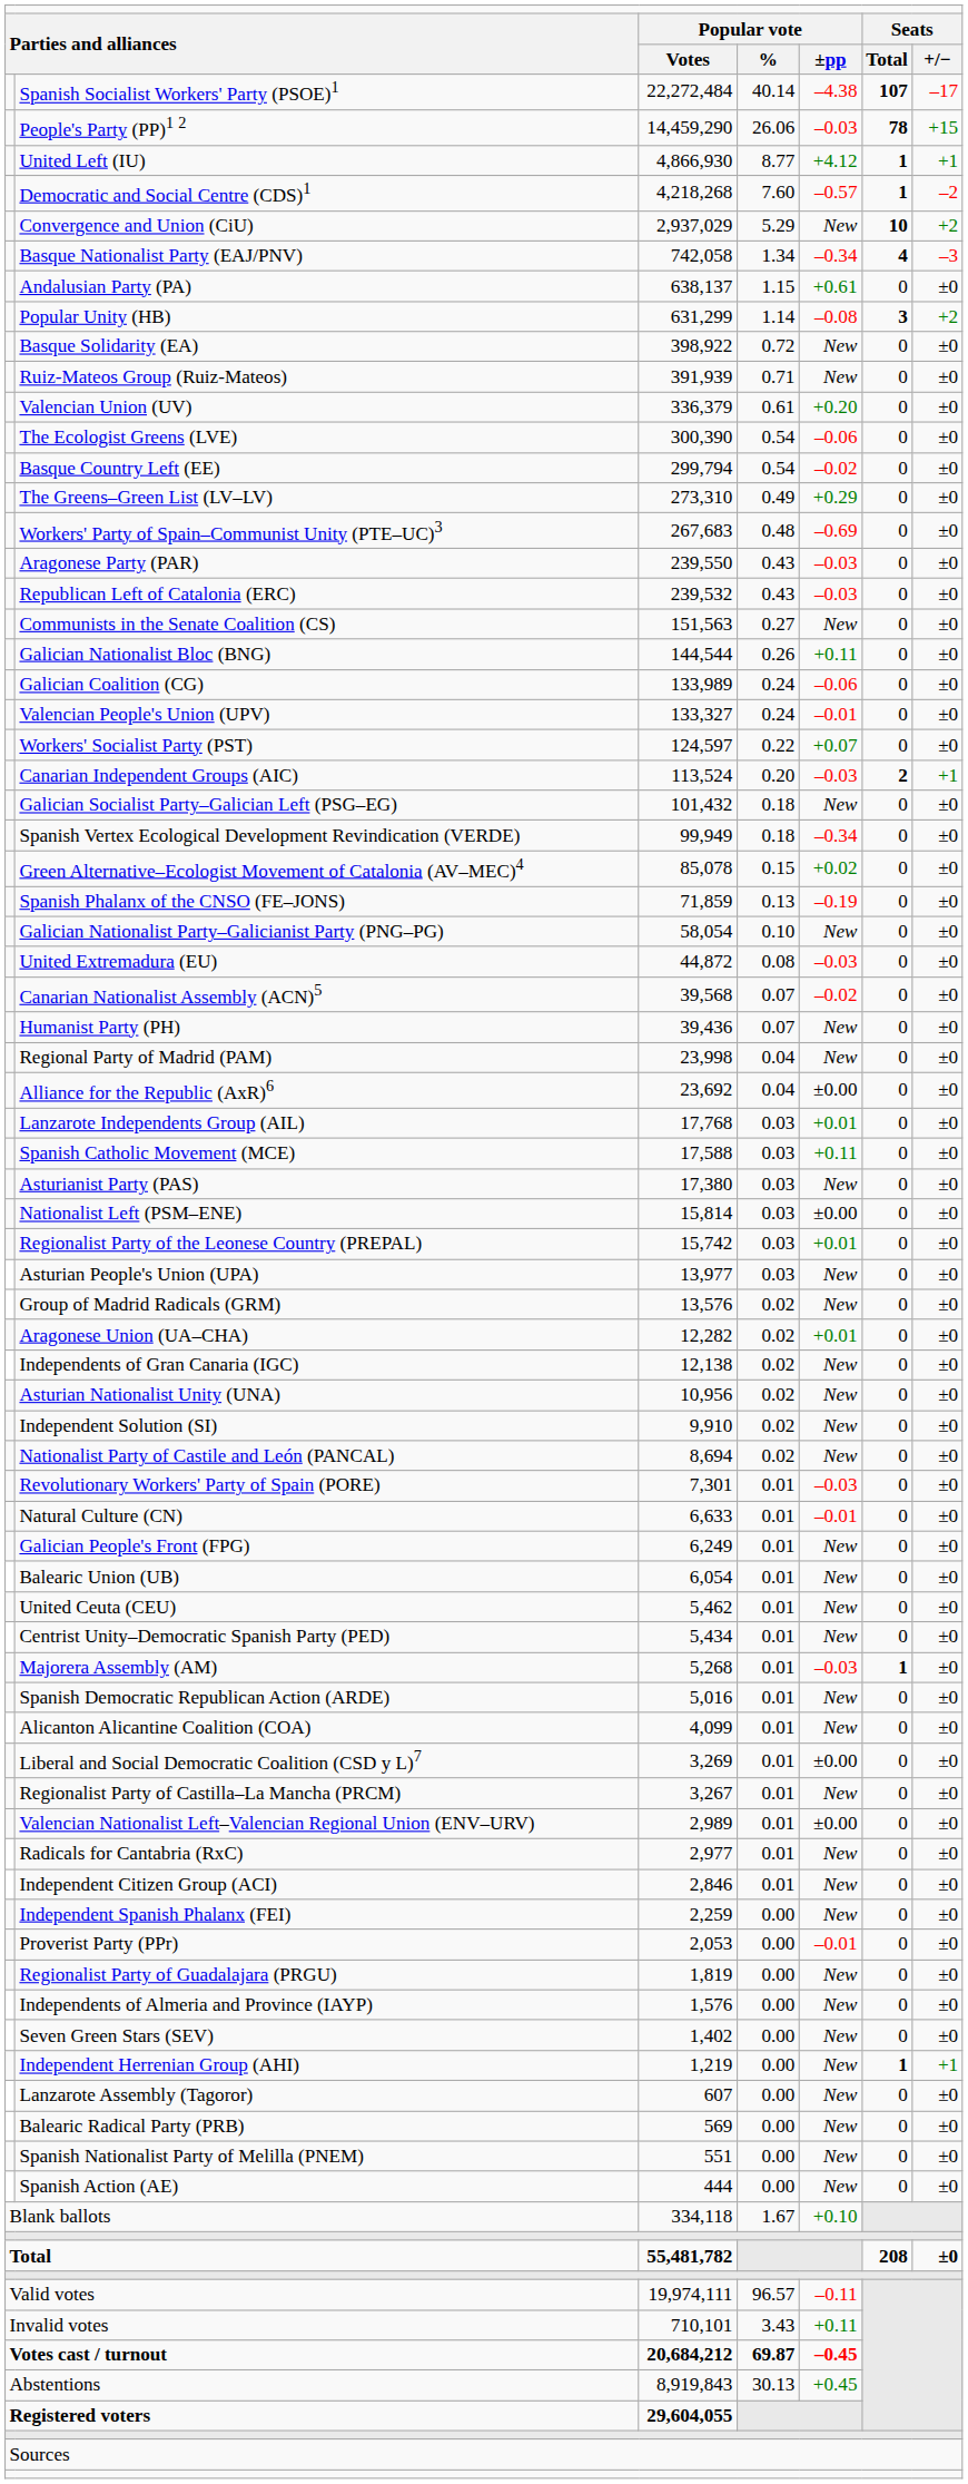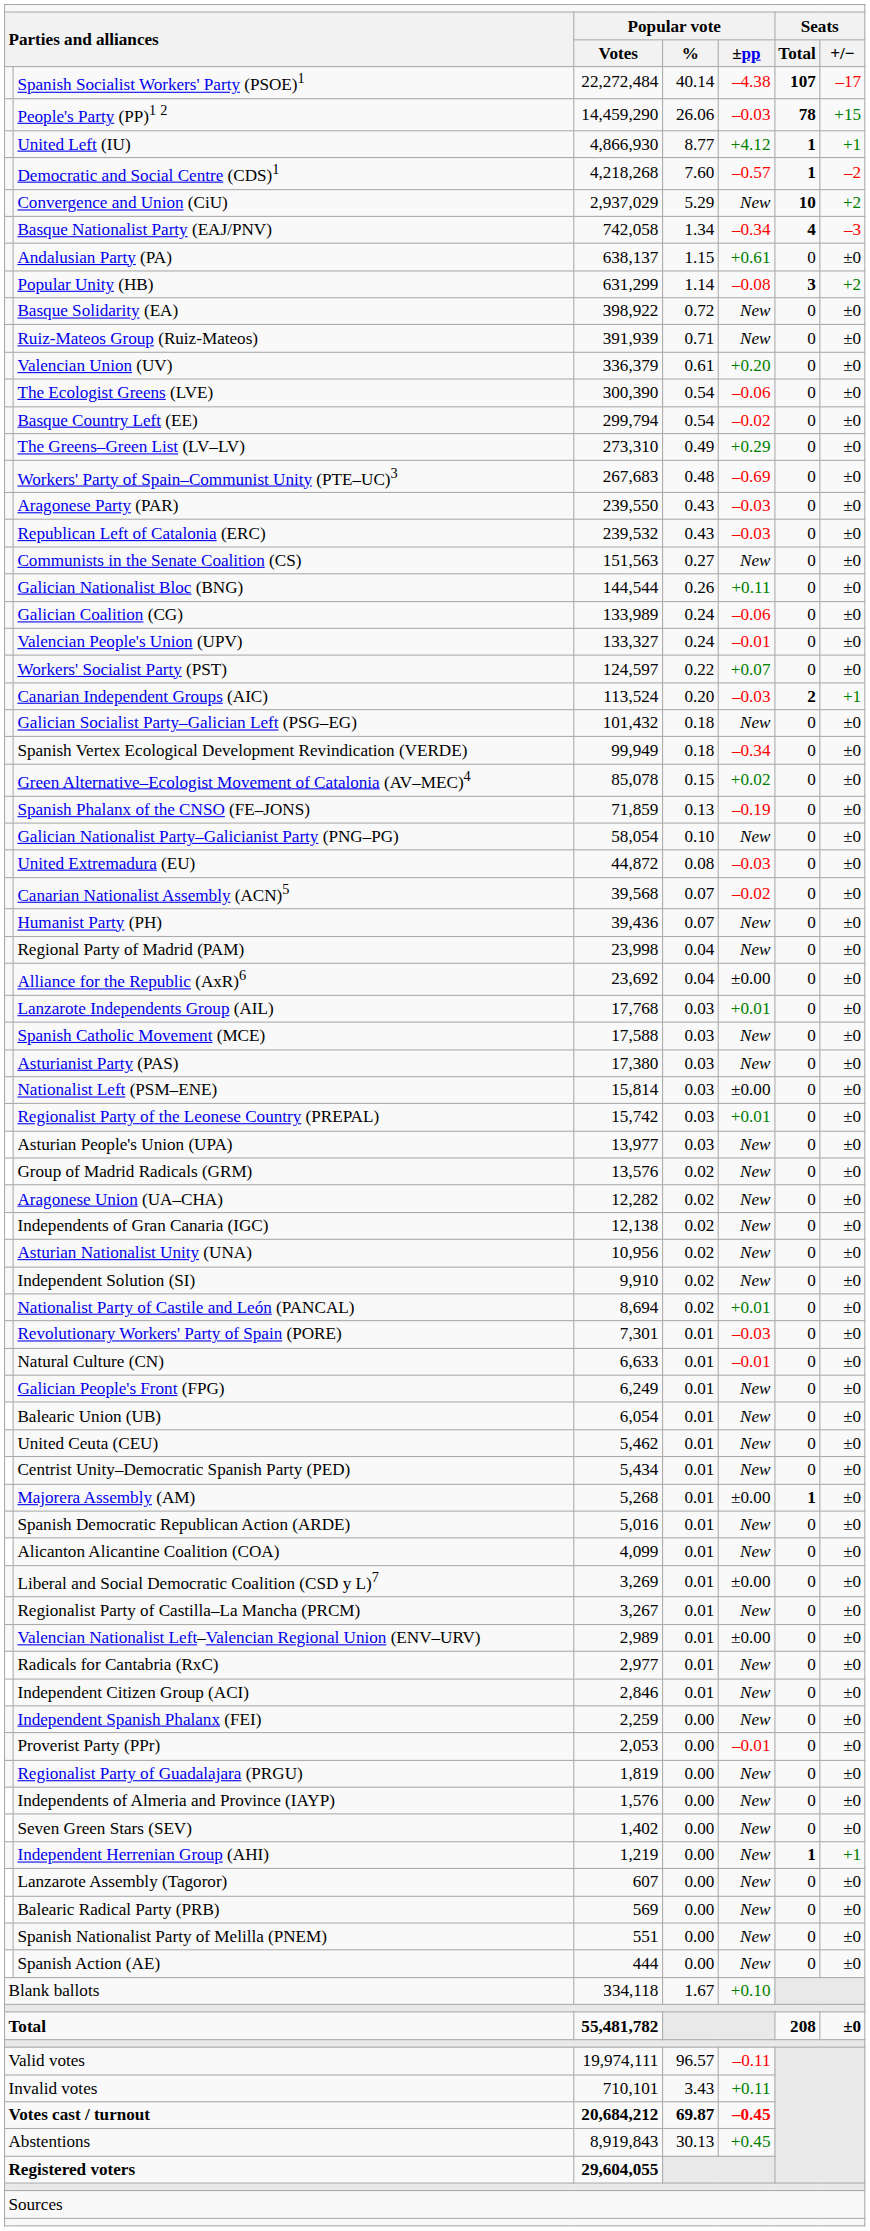 <table class="wikitable" style="text-align:right;">
 <tr>
 <td colspan="7"></td>
 </tr>
 <tr>
 <th style="text-align:left;" rowspan="2" colspan="2" width="525">Parties and alliances</th>
 <th colspan="3">Popular vote</th>
 <th colspan="2">Seats</th>
 </tr>
 <tr>
 <th width="75">Votes</th>
 <th width="45">%</th>
 <th width="45">±<a href='#'>pp</a></th>
 <th width="35">Total</th>
 <th width="35">+/−</th>
 </tr>
 <tr>
 <td width="1" style="color:inherit;background:"></td>
 <td align="left"><a href='#'>Spanish Socialist Workers' Party</a> (PSOE)<sup>1</sup></td>
 <td>22,272,484</td>
 <td>40.14</td>
 <td style="color:red;">–4.38</td>
 <td><strong>107</strong></td>
 <td style="color:red;">–17</td>
 </tr>
 <tr>
 <td style="color:inherit;background:"></td>
 <td align="left"><a href='#'>People's Party</a> (PP)<sup>1</sup> <sup>2</sup></td>
 <td>14,459,290</td>
 <td>26.06</td>
 <td style="color:red;">–0.03</td>
 <td><strong>78</strong></td>
 <td style="color:green;">+15</td>
 </tr>
 <tr>
 <td style="color:inherit;background:"></td>
 <td align="left"><a href='#'>United Left</a> (IU)</td>
 <td>4,866,930</td>
 <td>8.77</td>
 <td style="color:green;">+4.12</td>
 <td><strong>1</strong></td>
 <td style="color:green;">+1</td>
 </tr>
 <tr>
 <td style="color:inherit;background:"></td>
 <td align="left"><a href='#'>Democratic and Social Centre</a> (CDS)<sup>1</sup></td>
 <td>4,218,268</td>
 <td>7.60</td>
 <td style="color:red;">–0.57</td>
 <td><strong>1</strong></td>
 <td style="color:red;">–2</td>
 </tr>
 <tr>
 <td style="color:inherit;background:"></td>
 <td align="left"><a href='#'>Convergence and Union</a> (CiU)</td>
 <td>2,937,029</td>
 <td>5.29</td>
 <td><em>New</em></td>
 <td><strong>10</strong></td>
 <td style="color:green;">+2</td>
 </tr>
 <tr>
 <td style="color:inherit;background:"></td>
 <td align="left"><a href='#'>Basque Nationalist Party</a> (EAJ/PNV)</td>
 <td>742,058</td>
 <td>1.34</td>
 <td style="color:red;">–0.34</td>
 <td><strong>4</strong></td>
 <td style="color:red;">–3</td>
 </tr>
 <tr>
 <td style="color:inherit;background:"></td>
 <td align="left"><a href='#'>Andalusian Party</a> (PA)</td>
 <td>638,137</td>
 <td>1.15</td>
 <td style="color:green;">+0.61</td>
 <td>0</td>
 <td>±0</td>
 </tr>
 <tr>
 <td style="color:inherit;background:"></td>
 <td align="left"><a href='#'>Popular Unity</a> (HB)</td>
 <td>631,299</td>
 <td>1.14</td>
 <td style="color:red;">–0.08</td>
 <td><strong>3</strong></td>
 <td style="color:green;">+2</td>
 </tr>
 <tr>
 <td style="color:inherit;background:"></td>
 <td align="left"><a href='#'>Basque Solidarity</a> (EA)</td>
 <td>398,922</td>
 <td>0.72</td>
 <td><em>New</em></td>
 <td>0</td>
 <td>±0</td>
 </tr>
 <tr>
 <td style="color:inherit;background:"></td>
 <td align="left"><a href='#'>Ruiz-Mateos Group</a> (Ruiz-Mateos)</td>
 <td>391,939</td>
 <td>0.71</td>
 <td><em>New</em></td>
 <td>0</td>
 <td>±0</td>
 </tr>
 <tr>
 <td style="color:inherit;background:"></td>
 <td align="left"><a href='#'>Valencian Union</a> (UV)</td>
 <td>336,379</td>
 <td>0.61</td>
 <td style="color:green;">+0.20</td>
 <td>0</td>
 <td>±0</td>
 </tr>
 <tr>
 <td style="color:inherit;background:"></td>
 <td align="left"><a href='#'>The Ecologist Greens</a> (LVE)</td>
 <td>300,390</td>
 <td>0.54</td>
 <td style="color:red;">–0.06</td>
 <td>0</td>
 <td>±0</td>
 </tr>
 <tr>
 <td style="color:inherit;background:"></td>
 <td align="left"><a href='#'>Basque Country Left</a> (EE)</td>
 <td>299,794</td>
 <td>0.54</td>
 <td style="color:red;">–0.02</td>
 <td>0</td>
 <td>±0</td>
 </tr>
 <tr>
 <td style="color:inherit;background:"></td>
 <td align="left"><a href='#'>The Greens–Green List</a> (LV–LV)</td>
 <td>273,310</td>
 <td>0.49</td>
 <td style="color:green;">+0.29</td>
 <td>0</td>
 <td>±0</td>
 </tr>
 <tr>
 <td style="color:inherit;background:"></td>
 <td align="left"><a href='#'>Workers' Party of Spain–Communist Unity</a> (PTE–UC)<sup>3</sup></td>
 <td>267,683</td>
 <td>0.48</td>
 <td style="color:red;">–0.69</td>
 <td>0</td>
 <td>±0</td>
 </tr>
 <tr>
 <td style="color:inherit;background:"></td>
 <td align="left"><a href='#'>Aragonese Party</a> (PAR)</td>
 <td>239,550</td>
 <td>0.43</td>
 <td style="color:red;">–0.03</td>
 <td>0</td>
 <td>±0</td>
 </tr>
 <tr>
 <td style="color:inherit;background:"></td>
 <td align="left"><a href='#'>Republican Left of Catalonia</a> (ERC)</td>
 <td>239,532</td>
 <td>0.43</td>
 <td style="color:red;">–0.03</td>
 <td>0</td>
 <td>±0</td>
 </tr>
 <tr>
 <td style="color:inherit;background:"></td>
 <td align="left"><a href='#'>Communists in the Senate Coalition</a> (CS)</td>
 <td>151,563</td>
 <td>0.27</td>
 <td><em>New</em></td>
 <td>0</td>
 <td>±0</td>
 </tr>
 <tr>
 <td style="color:inherit;background:"></td>
 <td align="left"><a href='#'>Galician Nationalist Bloc</a> (BNG)</td>
 <td>144,544</td>
 <td>0.26</td>
 <td style="color:green;">+0.11</td>
 <td>0</td>
 <td>±0</td>
 </tr>
 <tr>
 <td style="color:inherit;background:"></td>
 <td align="left"><a href='#'>Galician Coalition</a> (CG)</td>
 <td>133,989</td>
 <td>0.24</td>
 <td style="color:red;">–0.06</td>
 <td>0</td>
 <td>±0</td>
 </tr>
 <tr>
 <td style="color:inherit;background:"></td>
 <td align="left"><a href='#'>Valencian People's Union</a> (UPV)</td>
 <td>133,327</td>
 <td>0.24</td>
 <td style="color:red;">–0.01</td>
 <td>0</td>
 <td>±0</td>
 </tr>
 <tr>
 <td style="color:inherit;background:"></td>
 <td align="left"><a href='#'>Workers' Socialist Party</a> (PST)</td>
 <td>124,597</td>
 <td>0.22</td>
 <td style="color:green;">+0.07</td>
 <td>0</td>
 <td>±0</td>
 </tr>
 <tr>
 <td style="color:inherit;background:"></td>
 <td align="left"><a href='#'>Canarian Independent Groups</a> (AIC)</td>
 <td>113,524</td>
 <td>0.20</td>
 <td style="color:red;">–0.03</td>
 <td><strong>2</strong></td>
 <td style="color:green;">+1</td>
 </tr>
 <tr>
 <td style="color:inherit;background:"></td>
 <td align="left"><a href='#'>Galician Socialist Party–Galician Left</a> (PSG–EG)</td>
 <td>101,432</td>
 <td>0.18</td>
 <td><em>New</em></td>
 <td>0</td>
 <td>±0</td>
 </tr>
 <tr>
 <td style="color:inherit;background:"></td>
 <td align="left">Spanish Vertex Ecological Development Revindication (VERDE)</td>
 <td>99,949</td>
 <td>0.18</td>
 <td style="color:red;">–0.34</td>
 <td>0</td>
 <td>±0</td>
 </tr>
 <tr>
 <td style="color:inherit;background:"></td>
 <td align="left"><a href='#'>Green Alternative–Ecologist Movement of Catalonia</a> (AV–MEC)<sup>4</sup></td>
 <td>85,078</td>
 <td>0.15</td>
 <td style="color:green;">+0.02</td>
 <td>0</td>
 <td>±0</td>
 </tr>
 <tr>
 <td style="color:inherit;background:"></td>
 <td align="left"><a href='#'>Spanish Phalanx of the CNSO</a> (FE–JONS)</td>
 <td>71,859</td>
 <td>0.13</td>
 <td style="color:red;">–0.19</td>
 <td>0</td>
 <td>±0</td>
 </tr>
 <tr>
 <td style="color:inherit;background:"></td>
 <td align="left"><a href='#'>Galician Nationalist Party–Galicianist Party</a> (PNG–PG)</td>
 <td>58,054</td>
 <td>0.10</td>
 <td><em>New</em></td>
 <td>0</td>
 <td>±0</td>
 </tr>
 <tr>
 <td style="color:inherit;background:"></td>
 <td align="left"><a href='#'>United Extremadura</a> (EU)</td>
 <td>44,872</td>
 <td>0.08</td>
 <td style="color:red;">–0.03</td>
 <td>0</td>
 <td>±0</td>
 </tr>
 <tr>
 <td style="color:inherit;background:"></td>
 <td align="left"><a href='#'>Canarian Nationalist Assembly</a> (ACN)<sup>5</sup></td>
 <td>39,568</td>
 <td>0.07</td>
 <td style="color:red;">–0.02</td>
 <td>0</td>
 <td>±0</td>
 </tr>
 <tr>
 <td style="color:inherit;background:"></td>
 <td align="left"><a href='#'>Humanist Party</a> (PH)</td>
 <td>39,436</td>
 <td>0.07</td>
 <td><em>New</em></td>
 <td>0</td>
 <td>±0</td>
 </tr>
 <tr>
 <td style="color:inherit;background:"></td>
 <td align="left">Regional Party of Madrid (PAM)</td>
 <td>23,998</td>
 <td>0.04</td>
 <td><em>New</em></td>
 <td>0</td>
 <td>±0</td>
 </tr>
 <tr>
 <td style="color:inherit;background:"></td>
 <td align="left"><a href='#'>Alliance for the Republic</a> (AxR)<sup>6</sup></td>
 <td>23,692</td>
 <td>0.04</td>
 <td>±0.00</td>
 <td>0</td>
 <td>±0</td>
 </tr>
 <tr>
 <td style="color:inherit;background:"></td>
 <td align="left"><a href='#'>Lanzarote Independents Group</a> (AIL)</td>
 <td>17,768</td>
 <td>0.03</td>
 <td style="color:green;">+0.01</td>
 <td>0</td>
 <td>±0</td>
 </tr>
 <tr>
 <td style="color:inherit;background:"></td>
 <td align="left"><a href='#'>Spanish Catholic Movement</a> (MCE)</td>
 <td>17,588</td>
 <td>0.03</td>
-<td style="color:green;">+0.11</td>
+<td><em>New</em></td>
 <td>0</td>
 <td>±0</td>
 </tr>
 <tr>
 <td style="color:inherit;background:"></td>
 <td align="left"><a href='#'>Asturianist Party</a> (PAS)</td>
 <td>17,380</td>
 <td>0.03</td>
 <td><em>New</em></td>
 <td>0</td>
 <td>±0</td>
 </tr>
 <tr>
 <td style="color:inherit;background:"></td>
 <td align="left"><a href='#'>Nationalist Left</a> (PSM–ENE)</td>
 <td>15,814</td>
 <td>0.03</td>
 <td>±0.00</td>
 <td>0</td>
 <td>±0</td>
 </tr>
 <tr>
 <td style="color:inherit;background:"></td>
 <td align="left"><a href='#'>Regionalist Party of the Leonese Country</a> (PREPAL)</td>
 <td>15,742</td>
 <td>0.03</td>
 <td style="color:green;">+0.01</td>
 <td>0</td>
 <td>±0</td>
 </tr>
 <tr>
 <td bgcolor="white"></td>
 <td align="left">Asturian People's Union (UPA)</td>
 <td>13,977</td>
 <td>0.03</td>
 <td><em>New</em></td>
 <td>0</td>
 <td>±0</td>
 </tr>
 <tr>
 <td bgcolor="white"></td>
 <td align="left">Group of Madrid Radicals (GRM)</td>
 <td>13,576</td>
 <td>0.02</td>
 <td><em>New</em></td>
 <td>0</td>
 <td>±0</td>
 </tr>
 <tr>
 <td style="color:inherit;background:"></td>
 <td align="left"><a href='#'>Aragonese Union</a> (UA–CHA)</td>
 <td>12,282</td>
 <td>0.02</td>
-<td style="color:green;">+0.01</td>
+<td><em>New</em></td>
 <td>0</td>
 <td>±0</td>
 </tr>
 <tr>
 <td bgcolor="white"></td>
 <td align="left">Independents of Gran Canaria (IGC)</td>
 <td>12,138</td>
 <td>0.02</td>
 <td><em>New</em></td>
 <td>0</td>
 <td>±0</td>
 </tr>
 <tr>
 <td style="color:inherit;background:"></td>
 <td align="left"><a href='#'>Asturian Nationalist Unity</a> (UNA)</td>
 <td>10,956</td>
 <td>0.02</td>
 <td><em>New</em></td>
 <td>0</td>
 <td>±0</td>
 </tr>
 <tr>
 <td style="color:inherit;background:"></td>
 <td align="left">Independent Solution (SI)</td>
 <td>9,910</td>
 <td>0.02</td>
 <td><em>New</em></td>
 <td>0</td>
 <td>±0</td>
 </tr>
 <tr>
 <td style="color:inherit;background:"></td>
 <td align="left"><a href='#'>Nationalist Party of Castile and León</a> (PANCAL)</td>
 <td>8,694</td>
 <td>0.02</td>
-<td><em>New</em></td>
+<td style="color:green;">+0.01</td>
 <td>0</td>
 <td>±0</td>
 </tr>
 <tr>
 <td style="color:inherit;background:"></td>
 <td align="left"><a href='#'>Revolutionary Workers' Party of Spain</a> (PORE)</td>
 <td>7,301</td>
 <td>0.01</td>
 <td style="color:red;">–0.03</td>
 <td>0</td>
 <td>±0</td>
 </tr>
 <tr>
 <td style="color:inherit;background:"></td>
 <td align="left">Natural Culture (CN)</td>
 <td>6,633</td>
 <td>0.01</td>
 <td style="color:red;">–0.01</td>
 <td>0</td>
 <td>±0</td>
 </tr>
 <tr>
 <td style="color:inherit;background:"></td>
 <td align="left"><a href='#'>Galician People's Front</a> (FPG)</td>
 <td>6,249</td>
 <td>0.01</td>
 <td><em>New</em></td>
 <td>0</td>
 <td>±0</td>
 </tr>
 <tr>
 <td bgcolor="white"></td>
 <td align="left">Balearic Union (UB)</td>
 <td>6,054</td>
 <td>0.01</td>
 <td><em>New</em></td>
 <td>0</td>
 <td>±0</td>
 </tr>
 <tr>
 <td style="color:inherit;background:"></td>
 <td align="left">United Ceuta (CEU)</td>
 <td>5,462</td>
 <td>0.01</td>
 <td><em>New</em></td>
 <td>0</td>
 <td>±0</td>
 </tr>
 <tr>
 <td bgcolor="white"></td>
 <td align="left">Centrist Unity–Democratic Spanish Party (PED)</td>
 <td>5,434</td>
 <td>0.01</td>
 <td><em>New</em></td>
 <td>0</td>
 <td>±0</td>
 </tr>
 <tr>
 <td style="color:inherit;background:"></td>
 <td align="left"><a href='#'>Majorera Assembly</a> (AM)</td>
 <td>5,268</td>
 <td>0.01</td>
-<td style="color:red;">–0.03</td>
+<td>±0.00</td>
 <td><strong>1</strong></td>
 <td>±0</td>
 </tr>
 <tr>
 <td style="color:inherit;background:"></td>
 <td align="left">Spanish Democratic Republican Action (ARDE)</td>
 <td>5,016</td>
 <td>0.01</td>
 <td><em>New</em></td>
 <td>0</td>
 <td>±0</td>
 </tr>
 <tr>
 <td bgcolor="white"></td>
 <td align="left">Alicanton Alicantine Coalition (COA)</td>
 <td>4,099</td>
 <td>0.01</td>
 <td><em>New</em></td>
 <td>0</td>
 <td>±0</td>
 </tr>
 <tr>
 <td style="color:inherit;background:"></td>
 <td align="left">Liberal and Social Democratic Coalition (CSD y L)<sup>7</sup></td>
 <td>3,269</td>
 <td>0.01</td>
 <td>±0.00</td>
 <td>0</td>
 <td>±0</td>
 </tr>
 <tr>
 <td style="color:inherit;background:"></td>
 <td align="left">Regionalist Party of Castilla–La Mancha (PRCM)</td>
 <td>3,267</td>
 <td>0.01</td>
 <td><em>New</em></td>
 <td>0</td>
 <td>±0</td>
 </tr>
 <tr>
 <td style="color:inherit;background:"></td>
 <td align="left"><a href='#'>Valencian Nationalist Left</a>–<a href='#'>Valencian Regional Union</a> (ENV–URV)</td>
 <td>2,989</td>
 <td>0.01</td>
 <td>±0.00</td>
 <td>0</td>
 <td>±0</td>
 </tr>
 <tr>
 <td bgcolor="white"></td>
 <td align="left">Radicals for Cantabria (RxC)</td>
 <td>2,977</td>
 <td>0.01</td>
 <td><em>New</em></td>
 <td>0</td>
 <td>±0</td>
 </tr>
 <tr>
 <td bgcolor="white"></td>
 <td align="left">Independent Citizen Group (ACI)</td>
 <td>2,846</td>
 <td>0.01</td>
 <td><em>New</em></td>
 <td>0</td>
 <td>±0</td>
 </tr>
 <tr>
 <td style="color:inherit;background:"></td>
 <td align="left"><a href='#'>Independent Spanish Phalanx</a> (FEI)</td>
 <td>2,259</td>
 <td>0.00</td>
 <td><em>New</em></td>
 <td>0</td>
 <td>±0</td>
 </tr>
 <tr>
 <td style="color:inherit;background:"></td>
 <td align="left">Proverist Party (PPr)</td>
 <td>2,053</td>
 <td>0.00</td>
 <td style="color:red;">–0.01</td>
 <td>0</td>
 <td>±0</td>
 </tr>
 <tr>
 <td style="color:inherit;background:"></td>
 <td align="left"><a href='#'>Regionalist Party of Guadalajara</a> (PRGU)</td>
 <td>1,819</td>
 <td>0.00</td>
 <td><em>New</em></td>
 <td>0</td>
 <td>±0</td>
 </tr>
 <tr>
 <td bgcolor="white"></td>
 <td align="left">Independents of Almeria and Province (IAYP)</td>
 <td>1,576</td>
 <td>0.00</td>
 <td><em>New</em></td>
 <td>0</td>
 <td>±0</td>
 </tr>
 <tr>
 <td bgcolor="white"></td>
 <td align="left">Seven Green Stars (SEV)</td>
 <td>1,402</td>
 <td>0.00</td>
 <td><em>New</em></td>
 <td>0</td>
 <td>±0</td>
 </tr>
 <tr>
 <td style="color:inherit;background:"></td>
 <td align="left"><a href='#'>Independent Herrenian Group</a> (AHI)</td>
 <td>1,219</td>
 <td>0.00</td>
 <td><em>New</em></td>
 <td><strong>1</strong></td>
 <td style="color:green;">+1</td>
 </tr>
 <tr>
 <td bgcolor="white"></td>
 <td align="left">Lanzarote Assembly (Tagoror)</td>
 <td>607</td>
 <td>0.00</td>
 <td><em>New</em></td>
 <td>0</td>
 <td>±0</td>
 </tr>
 <tr>
 <td bgcolor="white"></td>
 <td align="left">Balearic Radical Party (PRB)</td>
 <td>569</td>
 <td>0.00</td>
 <td><em>New</em></td>
 <td>0</td>
 <td>±0</td>
 </tr>
 <tr>
 <td style="color:inherit;background:"></td>
 <td align="left">Spanish Nationalist Party of Melilla (PNEM)</td>
 <td>551</td>
 <td>0.00</td>
 <td><em>New</em></td>
 <td>0</td>
 <td>±0</td>
 </tr>
 <tr>
 <td bgcolor="white"></td>
 <td align="left">Spanish Action (AE)</td>
 <td>444</td>
 <td>0.00</td>
 <td><em>New</em></td>
 <td>0</td>
 <td>±0</td>
 </tr>
 <tr>
 <td align="left" colspan="2">Blank ballots</td>
 <td>334,118</td>
 <td>1.67</td>
 <td style="color:green;">+0.10</td>
 <td bgcolor="#E9E9E9" colspan="2"></td>
 </tr>
 <tr>
 <td colspan="7" bgcolor="#E9E9E9"></td>
 </tr>
 <tr style="font-weight:bold;">
 <td align="left" colspan="2">Total</td>
 <td>55,481,782</td>
 <td bgcolor="#E9E9E9" colspan="2"></td>
 <td>208</td>
 <td>±0</td>
 </tr>
 <tr>
 <td colspan="7" bgcolor="#E9E9E9"></td>
 </tr>
 <tr>
 <td align="left" colspan="2">Valid votes</td>
 <td>19,974,111</td>
 <td>96.57</td>
 <td style="color:red;">–0.11</td>
 <td bgcolor="#E9E9E9" colspan="2" rowspan="5"></td>
 </tr>
 <tr>
 <td align="left" colspan="2">Invalid votes</td>
 <td>710,101</td>
 <td>3.43</td>
 <td style="color:green;">+0.11</td>
 </tr>
 <tr style="font-weight:bold;">
 <td align="left" colspan="2">Votes cast / turnout</td>
 <td>20,684,212</td>
 <td>69.87</td>
 <td style="color:red;">–0.45</td>
 </tr>
 <tr>
 <td align="left" colspan="2">Abstentions</td>
 <td>8,919,843</td>
 <td>30.13</td>
 <td style="color:green;">+0.45</td>
 </tr>
 <tr style="font-weight:bold;">
 <td align="left" colspan="2">Registered voters</td>
 <td>29,604,055</td>
 <td bgcolor="#E9E9E9" colspan="2"></td>
 </tr>
 <tr>
 <td colspan="7" bgcolor="#E9E9E9"></td>
 </tr>
 <tr>
 <td align="left" colspan="7">Sources</td>
 </tr>
 <tr>
 <td colspan="7" style="text-align:left; max-width:790px;"></td>
 </tr>
 </table>
